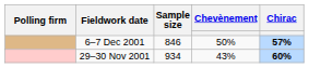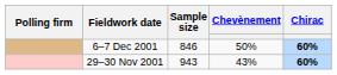 <table class="wikitable sortable" style="text-align:center;font-size:90%;line-height:14px;">
 <tr style="height:40px;">
 <th style="width:100px;" rowspan="2">Polling firm</th>
 <th style="width:110px;" rowspan="2">Fieldwork date</th>
 <th style="width:35px;" rowspan="2">Sample<br>size</th>
 <th class="unsortable" style="width:60px;"><a href='#'>Chevènement</a><br></th>
 <th class="unsortable" style="width:60px;"><a href='#'>Chirac</a><br></th>
 </tr>
 <tr>
 <th style="background:"></th>
 <th style="background:"></th>
 </tr>
 <tr>
 <td style="background:burlywood;"></td>
 <td data-sort-value="2001-12-07">6–7 Dec 2001</td>
 <td>846</td>
 <td>50%</td>
-<td style="background:#B9DAFF;"><strong>57%</strong></td>
+<td style="background:#B9DAFF;"><strong>60%</strong></td>
 </tr>
 <tr>
 <td style="background:#FFCCCC;"></td>
 <td data-sort-value="2001-11-30">29–30 Nov 2001</td>
-<td>934</td>
+<td>943</td>
 <td>43%</td>
 <td style="background:#B9DAFF;"><strong>60%</strong></td>
 </tr>
 </table>
